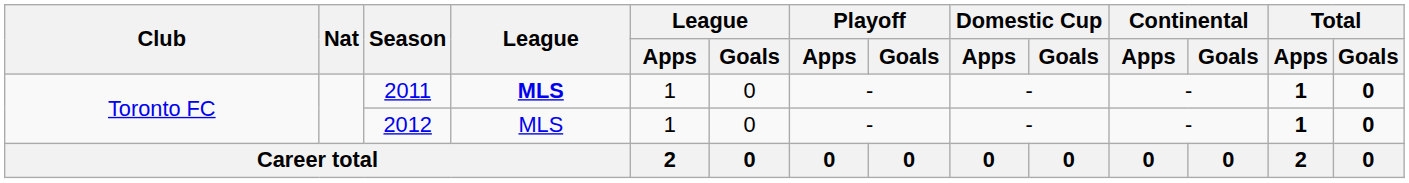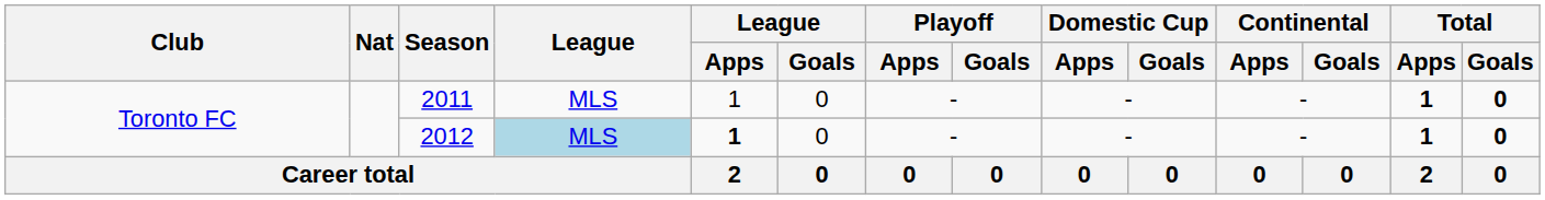 <table class="wikitable" style="width: 65%; text-align: center;">
 <tr>
 <th rowspan=2 width=28%>Club</th>
 <th rowspan=2 width=2%>Nat</th>
 <th rowspan=2 width=5%>Season</th>
 <th rowspan=2 width=15%>League</th>
 <th colspan=2 width=10%>League</th>
 <th colspan=2 width=10%>Playoff</th>
 <th colspan=2 width=10%>Domestic Cup</th>
 <th colspan=2 width=10%>Continental</th>
 <th colspan=2 width=10%>Total</th>
 </tr>
 <tr>
 <th width=5%>Apps</th>
 <th width=5%>Goals</th>
 <th width=5%>Apps</th>
 <th width=5%>Goals</th>
 <th width=5%>Apps</th>
 <th width=5%>Goals</th>
 <th width=5%>Apps</th>
 <th width=5%>Goals</th>
 <th width=5%>Apps</th>
 <th width=5%>Goals</th>
 </tr>
 <tr>
 <td rowspan=2><a href='#'>Toronto FC</a></td>
 <td rowspan=2></td>
 <td><a href='#'>2011</a></td>
-<td rowspan=1><strong><a href='#'>MLS</a></strong></td>
+<td rowspan=1><a href='#'>MLS</a></td>
 <td>1</td>
 <td>0</td>
 <td colspan=2>-</td>
 <td colspan=2>-</td>
 <td colspan=2>-</td>
 <td><strong>1</strong></td>
 <td><strong>0</strong></td>
 </tr>
 <tr>
 <td><a href='#'>2012</a></td>
-<td rowspan=1><a href='#'>MLS</a></td>
-<td>1</td>
+<td rowspan=1 style="background: lightblue;"><a href='#'>MLS</a></td>
+<td><strong>1</strong></td>
 <td>0</td>
 <td colspan=2>-</td>
 <td colspan=2>-</td>
 <td colspan=2>-</td>
 <td><strong>1</strong></td>
 <td><strong>0</strong></td>
 </tr>
 <tr>
 <th colspan=4 width=40%>Career total</th>
 <th width=6%><strong>2</strong></th>
 <th width=6%><strong>0</strong></th>
 <th width=6%><strong>0</strong></th>
 <th width=6%><strong>0</strong></th>
 <th width=6%><strong>0</strong></th>
 <th width=6%><strong>0</strong></th>
 <th width=6%><strong>0</strong></th>
 <th width=6%><strong>0</strong></th>
 <th width=6%><strong>2</strong></th>
 <th width=6%><strong>0</strong></th>
 </tr>
 </table>
